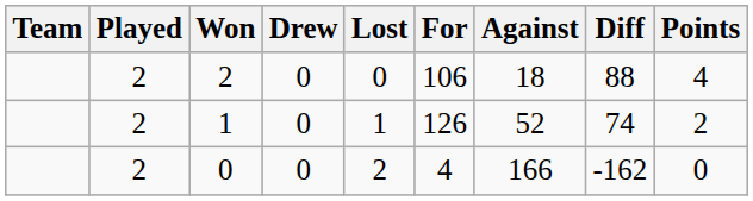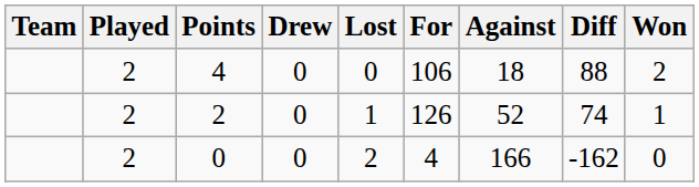 <table class="wikitable" style="text-align:center">
 <tr>
 <th>Team</th>
 <th>Played</th>
-<th>Won</th>
+<th>Points</th>
 <th>Drew</th>
 <th>Lost</th>
 <th>For</th>
 <th>Against</th>
 <th>Diff</th>
-<th>Points</th>
+<th>Won</th>
+</tr>
+<tr>
+<td align=left></td>
+<td>2</td>
+<td>4</td>
+<td>0</td>
+<td>0</td>
+<td>106</td>
+<td>18</td>
+<td>88</td>
+<td>2</td>
 </tr>
 <tr>
 <td align=left></td>
 <td>2</td>
 <td>2</td>
 <td>0</td>
-<td>0</td>
-<td>106</td>
-<td>18</td>
-<td>88</td>
-<td>4</td>
-</tr>
-<tr>
-<td align=left></td>
-<td>2</td>
-<td>1</td>
-<td>0</td>
 <td>1</td>
 <td>126</td>
 <td>52</td>
 <td>74</td>
-<td>2</td>
+<td>1</td>
 </tr>
 <tr>
 <td align=left></td>
 <td>2</td>
 <td>0</td>
 <td>0</td>
 <td>2</td>
 <td>4</td>
 <td>166</td>
 <td>-162</td>
 <td>0</td>
 </tr>
 </table>
